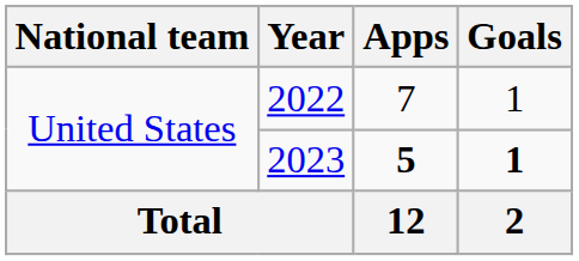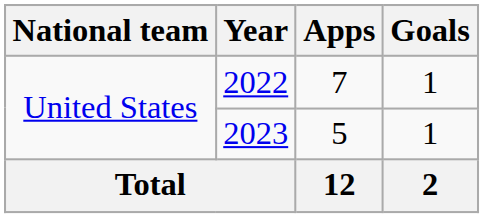 <table class="wikitable" style="text-align:center">
 <tr>
 <th>National team</th>
 <th>Year</th>
 <th>Apps</th>
 <th>Goals</th>
 </tr>
 <tr>
 <td rowspan="2"><a href='#'>United States</a></td>
 <td><a href='#'>2022</a></td>
 <td>7</td>
 <td>1</td>
 </tr>
 <tr>
 <td><a href='#'>2023</a></td>
-<td><strong>5</strong></td>
-<td><strong>1</strong></td>
+<td>5</td>
+<td>1</td>
 </tr>
 <tr>
 <th colspan=2>Total</th>
 <th>12</th>
 <th>2</th>
 </tr>
 </table>
